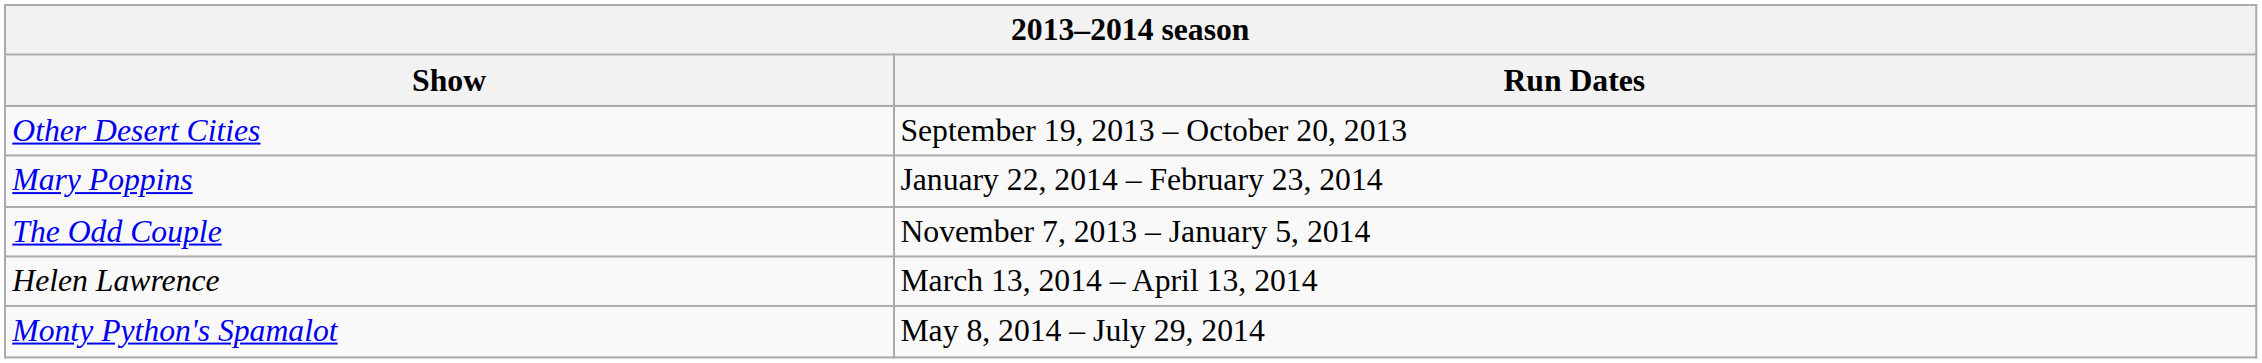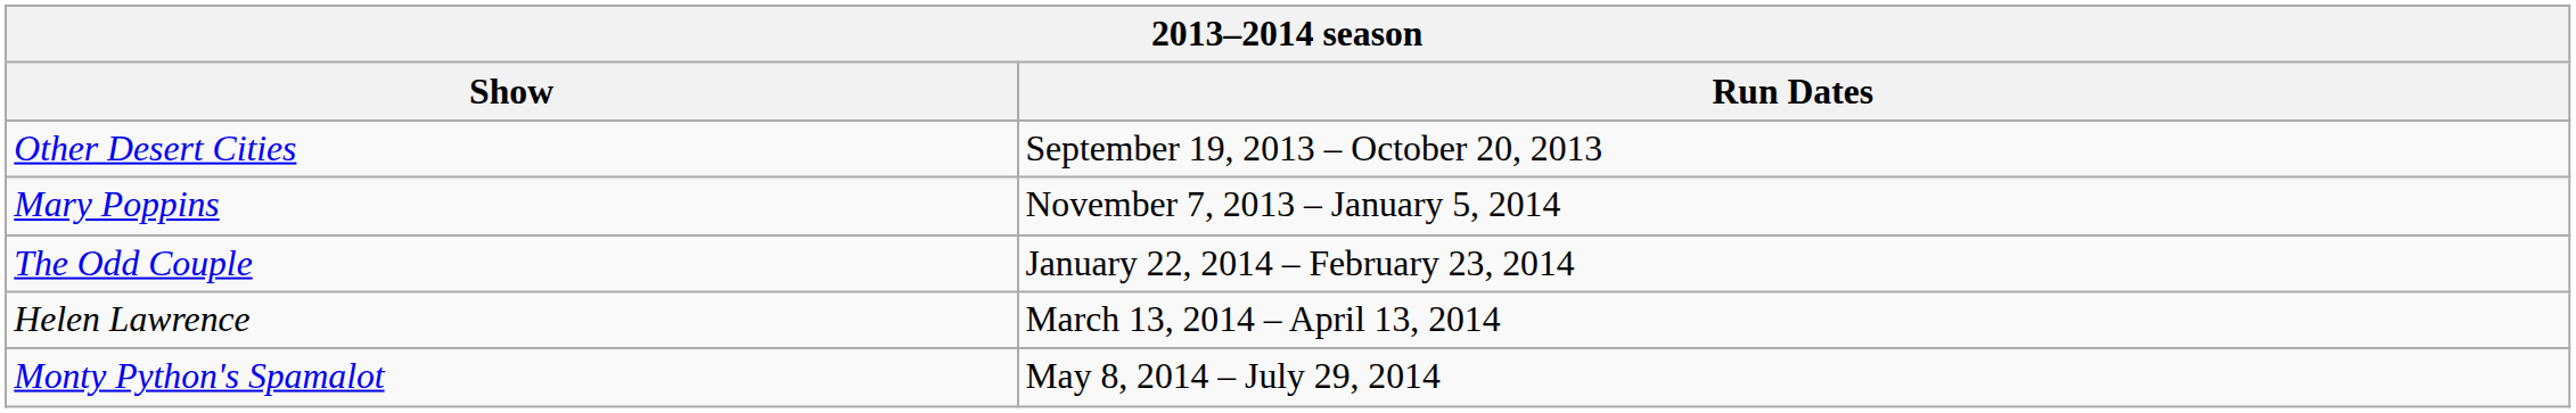 <table class="wikitable collapsible collapsed" width=90%>
 <tr>
 <th colspan=4>2013–2014 season</th>
 </tr>
 <tr>
 <th>Show</th>
 <th>Run Dates</th>
 </tr>
 <tr>
 <td><em><a href='#'>Other Desert Cities</a></em></td>
 <td>September 19, 2013 – October 20, 2013</td>
 </tr>
 <tr>
 <td><em><a href='#'>Mary Poppins</a></em></td>
-<td>January 22, 2014 – February 23, 2014</td>
+<td>November 7, 2013 – January 5, 2014</td>
 </tr>
 <tr>
 <td><em><a href='#'>The Odd Couple</a></em></td>
-<td>November 7, 2013 – January 5, 2014</td>
+<td>January 22, 2014 – February 23, 2014</td>
 </tr>
 <tr>
 <td><em>Helen Lawrence</em></td>
 <td>March 13, 2014 – April 13, 2014</td>
 </tr>
 <tr>
 <td><em><a href='#'>Monty Python's Spamalot</a></em></td>
 <td>May 8, 2014 – July 29, 2014</td>
 </tr>
 </table>
